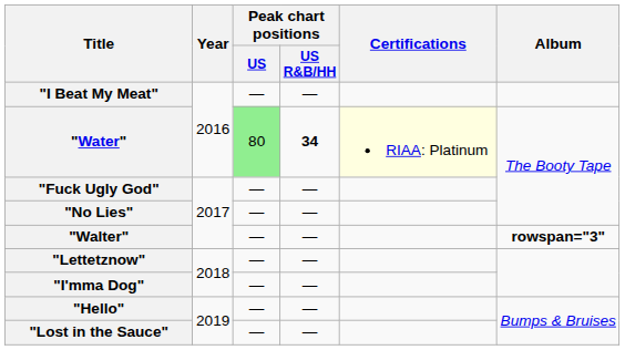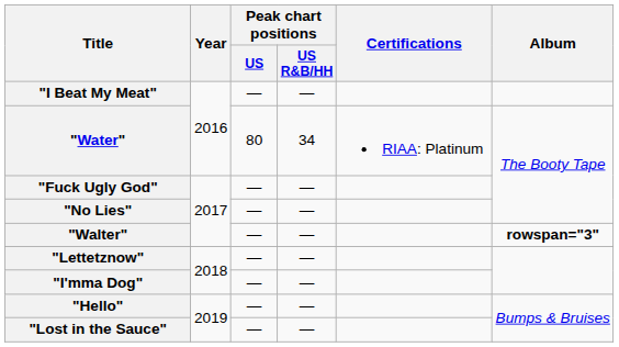 <table class="wikitable plainrowheaders" style="text-align:center;">
 <tr>
 <th scope="col" rowspan="2" style="width:12em;">Title</th>
 <th scope="col" rowspan="2">Year</th>
 <th colspan="2" scope="col">Peak chart positions</th>
 <th scope="col" rowspan="2" style="width:10em;"><a href='#'>Certifications</a></th>
 <th scope="col" rowspan="2">Album</th>
 </tr>
 <tr>
 <th style="width:3em; font-size:90%"><a href='#'>US</a><br></th>
 <th style="width:3em; font-size:90%"><a href='#'>US<br>R&B/HH</a><br></th>
 </tr>
 <tr>
 <th scope="row">"I Beat My Meat"</th>
 <td rowspan="2">2016</td>
 <td>—</td>
 <td>—</td>
 <td></td>
 <td></td>
 </tr>
 <tr>
 <th scope="row">"<a href='#'>Water</a>"</th>
-<td style="background: lightgreen;">80</td>
-<td><strong>34</strong></td>
-<td style="background: lightyellow;"><br><ul><li><a href='#'>RIAA</a>: Platinum</li></ul></td>
+<td>80</td>
+<td>34</td>
+<td><br><ul><li><a href='#'>RIAA</a>: Platinum</li></ul></td>
 <td rowspan="3"><em><a href='#'>The Booty Tape</a></em></td>
 </tr>
 <tr>
 <th scope="row">"Fuck Ugly God"</th>
 <td rowspan="3">2017</td>
 <td>—</td>
 <td>—</td>
 <td></td>
 </tr>
 <tr>
 <th scope="row">"No Lies"</th>
 <td>—</td>
 <td>—</td>
 <td></td>
 </tr>
 <tr>
 <th scope="row">"Walter"<br></th>
 <td>—</td>
 <td>—</td>
 <td></td>
 <td><strong>rowspan="3" </strong></td>
 </tr>
 <tr>
 <th scope="row">"Lettetznow"</th>
 <td rowspan="2">2018</td>
 <td>—</td>
 <td>—</td>
 <td></td>
 </tr>
 <tr>
 <th scope="row">"I'mma Dog"<br></th>
 <td>—</td>
 <td>—</td>
 <td></td>
 </tr>
 <tr>
 <th scope="row">"Hello"<br></th>
 <td rowspan="2">2019</td>
 <td>—</td>
 <td>—</td>
 <td></td>
 <td rowspan="2"><em><a href='#'>Bumps & Bruises</a></em></td>
 </tr>
 <tr>
 <th scope="row">"Lost in the Sauce"</th>
 <td>—</td>
 <td>—</td>
 <td></td>
 </tr>
 </table>
